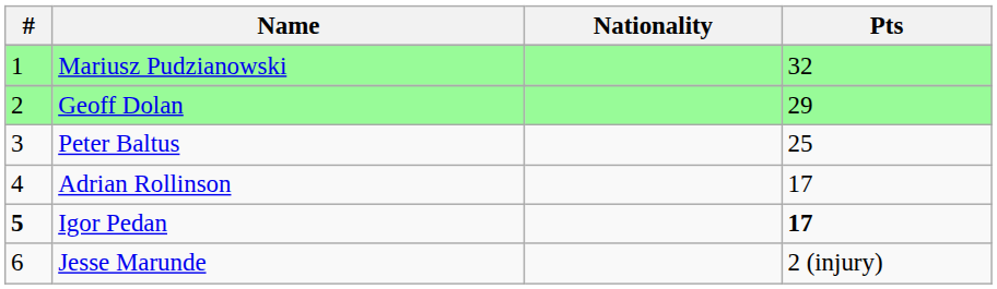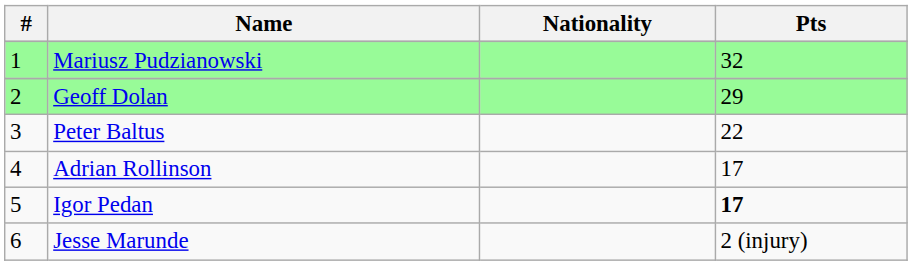 <table class="wikitable" style="display: inline-table; width: 50%;">
 <tr>
 <th>#</th>
 <th>Name</th>
 <th>Nationality</th>
 <th>Pts</th>
 </tr>
 <tr>
 </tr>
 <tr style="background:palegreen;">
 <td>1</td>
 <td><a href='#'>Mariusz Pudzianowski</a></td>
 <td></td>
 <td>32</td>
 </tr>
 <tr>
 </tr>
 <tr style="background:palegreen;">
 <td>2</td>
 <td><a href='#'>Geoff Dolan</a></td>
 <td></td>
 <td>29</td>
 </tr>
 <tr>
 <td>3</td>
 <td><a href='#'>Peter Baltus</a></td>
 <td></td>
-<td>25</td>
+<td>22</td>
 </tr>
 <tr>
 <td>4</td>
 <td><a href='#'>Adrian Rollinson</a></td>
 <td></td>
 <td>17</td>
 </tr>
 <tr>
-<td><strong>5</strong></td>
+<td>5</td>
 <td><a href='#'>Igor Pedan</a></td>
 <td></td>
 <td><strong>17</strong></td>
 </tr>
 <tr>
 <td>6</td>
 <td><a href='#'>Jesse Marunde</a></td>
 <td></td>
 <td>2 (injury)</td>
 </tr>
 </table>
